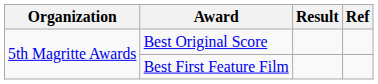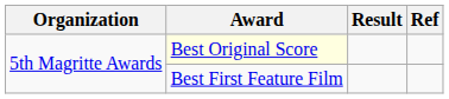 <table class="wikitable">
 <tr>
 <th>Organization</th>
 <th>Award</th>
 <th>Result</th>
 <th>Ref</th>
 </tr>
 <tr>
 <td rowspan=2><a href='#'>5th Magritte Awards</a></td>
-<td><a href='#'>Best Original Score</a></td>
+<td style="background: lightyellow;"><a href='#'>Best Original Score</a></td>
 <td></td>
 <td></td>
 </tr>
 <tr>
 <td><a href='#'>Best First Feature Film</a></td>
 <td></td>
 <td></td>
 </tr>
 </table>
